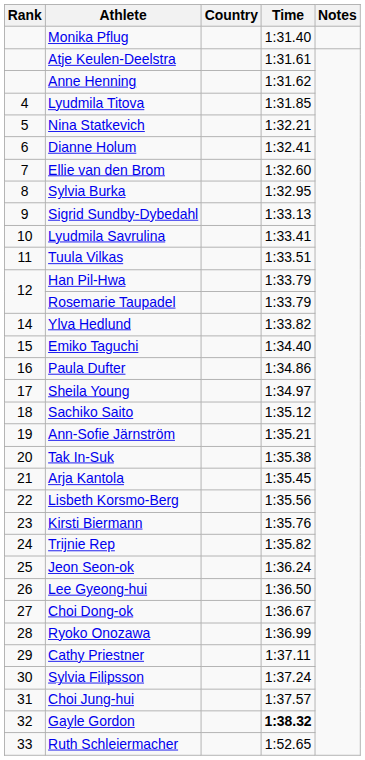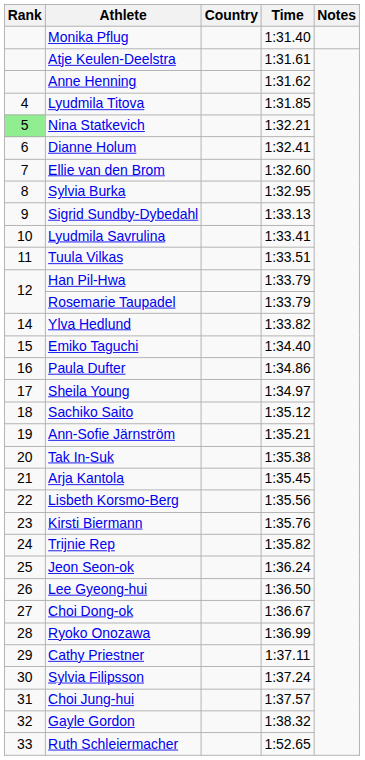 <table class="wikitable sortable" style="text-align:center">
 <tr>
 <th>Rank</th>
 <th>Athlete</th>
 <th>Country</th>
 <th>Time</th>
 <th>Notes</th>
 </tr>
 <tr>
 <td></td>
 <td align=left><a href='#'>Monika Pflug</a></td>
 <td align=left></td>
 <td>1:31.40</td>
 <td></td>
 </tr>
 <tr>
 <td></td>
 <td align=left><a href='#'>Atje Keulen-Deelstra</a></td>
 <td align=left></td>
 <td>1:31.61</td>
 </tr>
 <tr>
 <td></td>
 <td align=left><a href='#'>Anne Henning</a></td>
 <td align=left></td>
 <td>1:31.62</td>
 </tr>
 <tr>
 <td>4</td>
 <td align=left><a href='#'>Lyudmila Titova</a></td>
 <td align=left></td>
 <td>1:31.85</td>
 </tr>
 <tr>
-<td>5</td>
+<td style="background: lightgreen;">5</td>
 <td align=left><a href='#'>Nina Statkevich</a></td>
 <td align=left></td>
 <td>1:32.21</td>
 </tr>
 <tr>
 <td>6</td>
 <td align=left><a href='#'>Dianne Holum</a></td>
 <td align=left></td>
 <td>1:32.41</td>
 </tr>
 <tr>
 <td>7</td>
 <td align=left><a href='#'>Ellie van den Brom</a></td>
 <td align=left></td>
 <td>1:32.60</td>
 </tr>
 <tr>
 <td>8</td>
 <td align=left><a href='#'>Sylvia Burka</a></td>
 <td align=left></td>
 <td>1:32.95</td>
 </tr>
 <tr>
 <td>9</td>
 <td align=left><a href='#'>Sigrid Sundby-Dybedahl</a></td>
 <td align=left></td>
 <td>1:33.13</td>
 </tr>
 <tr>
 <td>10</td>
 <td align=left><a href='#'>Lyudmila Savrulina</a></td>
 <td align=left></td>
 <td>1:33.41</td>
 </tr>
 <tr>
 <td>11</td>
 <td align=left><a href='#'>Tuula Vilkas</a></td>
 <td align=left></td>
 <td>1:33.51</td>
 </tr>
 <tr>
 <td rowspan=2>12</td>
 <td align=left><a href='#'>Han Pil-Hwa</a></td>
 <td align=left></td>
 <td>1:33.79</td>
 </tr>
 <tr>
 <td align=left><a href='#'>Rosemarie Taupadel</a></td>
 <td align=left></td>
 <td>1:33.79</td>
 </tr>
 <tr>
 <td>14</td>
 <td align=left><a href='#'>Ylva Hedlund</a></td>
 <td align=left></td>
 <td>1:33.82</td>
 </tr>
 <tr>
 <td>15</td>
 <td align=left><a href='#'>Emiko Taguchi</a></td>
 <td align=left></td>
 <td>1:34.40</td>
 </tr>
 <tr>
 <td>16</td>
 <td align=left><a href='#'>Paula Dufter</a></td>
 <td align=left></td>
 <td>1:34.86</td>
 </tr>
 <tr>
 <td>17</td>
 <td align=left><a href='#'>Sheila Young</a></td>
 <td align=left></td>
 <td>1:34.97</td>
 </tr>
 <tr>
 <td>18</td>
 <td align=left><a href='#'>Sachiko Saito</a></td>
 <td align=left></td>
 <td>1:35.12</td>
 </tr>
 <tr>
 <td>19</td>
 <td align=left><a href='#'>Ann-Sofie Järnström</a></td>
 <td align=left></td>
 <td>1:35.21</td>
 </tr>
 <tr>
 <td>20</td>
 <td align=left><a href='#'>Tak In-Suk</a></td>
 <td align=left></td>
 <td>1:35.38</td>
 </tr>
 <tr>
 <td>21</td>
 <td align=left><a href='#'>Arja Kantola</a></td>
 <td align=left></td>
 <td>1:35.45</td>
 </tr>
 <tr>
 <td>22</td>
 <td align=left><a href='#'>Lisbeth Korsmo-Berg</a></td>
 <td align=left></td>
 <td>1:35.56</td>
 </tr>
 <tr>
 <td>23</td>
 <td align=left><a href='#'>Kirsti Biermann</a></td>
 <td align=left></td>
 <td>1:35.76</td>
 </tr>
 <tr>
 <td>24</td>
 <td align=left><a href='#'>Trijnie Rep</a></td>
 <td align=left></td>
 <td>1:35.82</td>
 </tr>
 <tr>
 <td>25</td>
 <td align=left><a href='#'>Jeon Seon-ok</a></td>
 <td align=left></td>
 <td>1:36.24</td>
 </tr>
 <tr>
 <td>26</td>
 <td align=left><a href='#'>Lee Gyeong-hui</a></td>
 <td align=left></td>
 <td>1:36.50</td>
 </tr>
 <tr>
 <td>27</td>
 <td align=left><a href='#'>Choi Dong-ok</a></td>
 <td align=left></td>
 <td>1:36.67</td>
 </tr>
 <tr>
 <td>28</td>
 <td align=left><a href='#'>Ryoko Onozawa</a></td>
 <td align=left></td>
 <td>1:36.99</td>
 </tr>
 <tr>
 <td>29</td>
 <td align=left><a href='#'>Cathy Priestner</a></td>
 <td align=left></td>
 <td>1:37.11</td>
 </tr>
 <tr>
 <td>30</td>
 <td align=left><a href='#'>Sylvia Filipsson</a></td>
 <td align=left></td>
 <td>1:37.24</td>
 </tr>
 <tr>
 <td>31</td>
 <td align=left><a href='#'>Choi Jung-hui</a></td>
 <td align=left></td>
 <td>1:37.57</td>
 </tr>
 <tr>
 <td>32</td>
 <td align=left><a href='#'>Gayle Gordon</a></td>
 <td align=left></td>
-<td><strong>1:38.32</strong></td>
+<td>1:38.32</td>
 </tr>
 <tr>
 <td>33</td>
 <td align=left><a href='#'>Ruth Schleiermacher</a></td>
 <td align=left></td>
 <td>1:52.65</td>
 </tr>
 </table>
